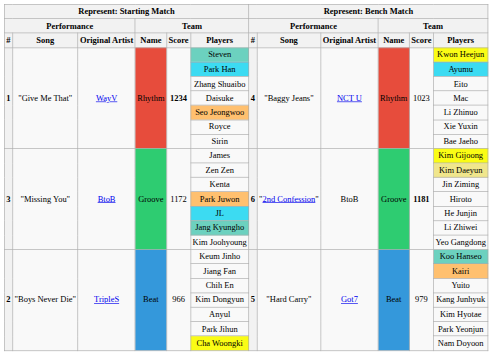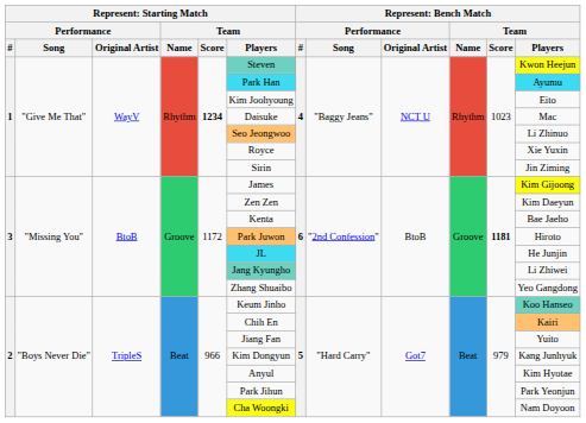 <table class="wikitable sortable" style="text-align:center; font-size: small">
 <tr>
 <th colspan="6">Represent: Starting Match</th>
 <th colspan="6">Represent: Bench Match</th>
 </tr>
 <tr>
 <th colspan="3">Performance</th>
 <th colspan="3">Team</th>
 <th colspan="3">Performance</th>
 <th colspan="3">Team</th>
 </tr>
 <tr>
 <th>#</th>
 <th>Song</th>
 <th>Original Artist</th>
 <th>Name</th>
 <th>Score</th>
 <th>Players</th>
 <th>#</th>
 <th>Song</th>
 <th>Original Artist</th>
 <th>Name</th>
 <th>Score</th>
 <th>Players</th>
 </tr>
 <tr>
 <th rowspan="7">1</th>
 <td rowspan="7">"Give Me That"</td>
 <td rowspan="7"><a href='#'>WayV</a></td>
 <td rowspan="7" style="background:#e74c3c">Rhythm</td>
 <td rowspan="7"><strong>1234</strong></td>
 <td style="background:#6CD1BF">Steven</td>
 <th rowspan="7">4</th>
 <td rowspan="7">"Baggy Jeans"</td>
 <td rowspan="7"><a href='#'>NCT U</a></td>
 <td rowspan="7" style="background:#e74c3c">Rhythm</td>
 <td rowspan="7">1023</td>
 <td style="background:#fafc15">Kwon Heejun</td>
 </tr>
 <tr>
 <td style="background:#3cdbf2">Park Han</td>
 <td style="background:#3cdbf2">Ayumu</td>
 </tr>
 <tr>
-<td>Zhang Shuaibo</td>
+<td>Kim Joohyoung</td>
 <td>Eito</td>
 </tr>
 <tr>
 <td>Daisuke</td>
 <td>Mac</td>
 </tr>
 <tr>
 <td style="background:#FFC06F">Seo Jeongwoo</td>
 <td>Li Zhinuo</td>
 </tr>
 <tr>
 <td>Royce</td>
 <td>Xie Yuxin</td>
 </tr>
 <tr>
 <td>Sirin</td>
-<td>Bae Jaeho</td>
+<td>Jin Ziming</td>
 </tr>
 <tr>
 <th rowspan="7">3</th>
 <td rowspan="7">"Missing You"</td>
 <td rowspan="7"><a href='#'>BtoB</a></td>
 <td rowspan="7" style="background:#2ecc71">Groove</td>
 <td rowspan="7">1172</td>
 <td>James</td>
 <th rowspan="7">6</th>
 <td rowspan="7">"<a href='#'>2nd Confession</a>"</td>
 <td rowspan="7">BtoB</td>
 <td rowspan="7" style="background:#2ecc71">Groove</td>
 <td rowspan="7"><strong>1181</strong></td>
 <td style="background:#fafc15">Kim Gijoong</td>
 </tr>
 <tr>
 <td>Zen Zen</td>
-<td style="background: khaki;">Kim Daeyun</td>
+<td>Kim Daeyun</td>
 </tr>
 <tr>
 <td>Kenta</td>
-<td>Jin Ziming</td>
+<td>Bae Jaeho</td>
 </tr>
 <tr>
 <td style="background:#FFC06F">Park Juwon</td>
 <td>Hiroto</td>
 </tr>
 <tr>
 <td style="background:#3cdbf2">JL</td>
 <td>He Junjin</td>
 </tr>
 <tr>
 <td style="background:#6CD1BF">Jang Kyungho</td>
 <td>Li Zhiwei</td>
 </tr>
 <tr>
-<td>Kim Joohyoung</td>
+<td>Zhang Shuaibo</td>
 <td>Yeo Gangdong</td>
 </tr>
 <tr>
 <th rowspan="7">2</th>
 <td rowspan="7">"Boys Never Die"</td>
 <td rowspan="7"><a href='#'>TripleS</a></td>
 <td rowspan="7" style="background:#3498db">Beat</td>
 <td rowspan="7">966</td>
 <td>Keum Jinho</td>
 <th rowspan="7">5</th>
 <td rowspan="7">"Hard Carry"</td>
 <td rowspan="7"><a href='#'>Got7</a></td>
 <td rowspan="7" style="background:#3498db">Beat</td>
 <td rowspan="7">979</td>
 <td style="background:#6CD1BF">Koo Hanseo</td>
 </tr>
 <tr>
-<td>Jiang Fan</td>
+<td>Chih En</td>
 <td style="background:#FFC06F">Kairi</td>
 </tr>
 <tr>
-<td>Chih En</td>
+<td>Jiang Fan</td>
 <td>Yuito</td>
 </tr>
 <tr>
 <td>Kim Dongyun</td>
 <td>Kang Junhyuk</td>
 </tr>
 <tr>
 <td>Anyul</td>
 <td>Kim Hyotae</td>
 </tr>
 <tr>
 <td>Park Jihun</td>
 <td>Park Yeonjun</td>
 </tr>
 <tr>
 <td style="background:#fafc15">Cha Woongki</td>
 <td>Nam Doyoon</td>
 </tr>
 </table>
